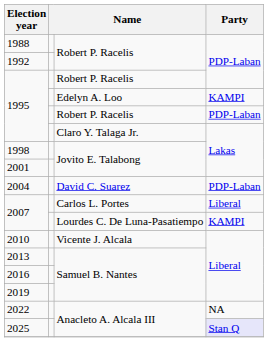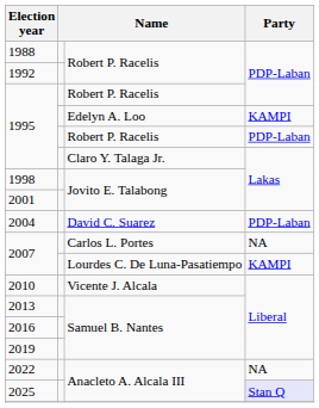 <table class=wikitable>
 <tr>
 <th>Election<br>year</th>
 <th colspan="2">Name</th>
 <th>Party</th>
 </tr>
 <tr>
 <td>1988</td>
 <td></td>
 <td rowspan="2">Robert P. Racelis</td>
 <td rowspan="3"><a href='#'>PDP-Laban</a></td>
 </tr>
 <tr>
 <td>1992</td>
 <td></td>
 </tr>
 <tr>
 <td rowspan=4 align=left>1995</td>
 <td></td>
 <td align="left">Robert P. Racelis</td>
 </tr>
 <tr>
 <td></td>
 <td align="left">Edelyn A. Loo </td>
 <td><a href='#'>KAMPI</a></td>
 </tr>
 <tr>
 <td></td>
 <td align="left">Robert P. Racelis </td>
 <td><a href='#'>PDP-Laban</a></td>
 </tr>
 <tr>
 <td></td>
 <td align="left">Claro Y. Talaga Jr. </td>
 <td rowspan="3"><a href='#'>Lakas</a></td>
 </tr>
 <tr>
 <td>1998</td>
 <td></td>
 <td rowspan="2">Jovito E. Talabong</td>
 </tr>
 <tr>
 <td>2001</td>
 <td></td>
 </tr>
 <tr>
 <td>2004</td>
 <td></td>
 <td><a href='#'>David C. Suarez</a></td>
 <td><a href='#'>PDP-Laban</a></td>
 </tr>
 <tr>
 <td rowspan=2 align=left>2007</td>
 <td></td>
 <td align="left">Carlos L. Portes </td>
-<td><a href='#'>Liberal</a></td>
+<td>NA</td>
 </tr>
 <tr>
 <td></td>
 <td align="left">Lourdes C. De Luna-Pasatiempo </td>
 <td><a href='#'>KAMPI</a></td>
 </tr>
 <tr>
 <td>2010</td>
 <td></td>
 <td>Vicente J. Alcala</td>
 <td rowspan="4"><a href='#'>Liberal</a></td>
 </tr>
 <tr>
 <td>2013</td>
 <td></td>
 <td rowspan="3">Samuel B. Nantes</td>
 </tr>
 <tr>
 <td>2016</td>
 <td></td>
 </tr>
 <tr>
 <td>2019</td>
 <td></td>
 </tr>
 <tr>
 <td>2022</td>
 <td></td>
 <td rowspan="2">Anacleto A. Alcala III</td>
 <td>NA</td>
 </tr>
 <tr>
 <td>2025</td>
 <td></td>
 <td style="background: lavender;"><a href='#'>Stan Q</a></td>
 </tr>
 <tr>
 </tr>
 </table>
